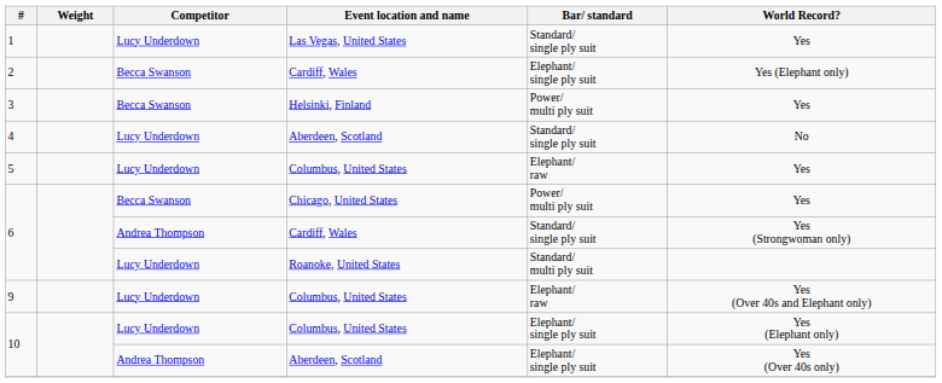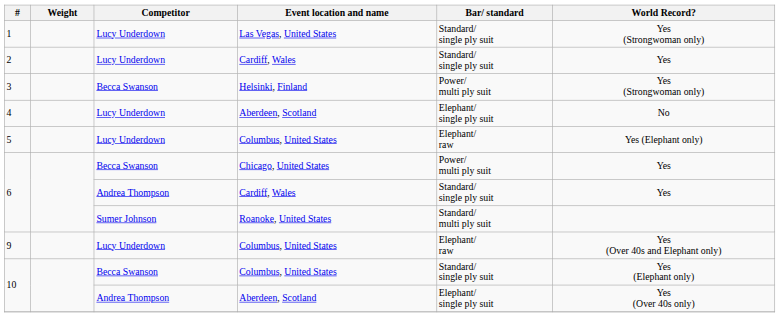 <table class="wikitable sortable" style="display: inline-table;width: 100%;">
 <tr>
 <th>#</th>
 <th>Weight</th>
 <th>Competitor</th>
 <th>Event location and name</th>
 <th>Bar/ standard</th>
 <th>World Record?</th>
 </tr>
 <tr>
 <td>1</td>
 <td></td>
 <td> <a href='#'>Lucy Underdown</a></td>
 <td> <a href='#'>Las Vegas</a>, <a href='#'>United States</a> <br> </td>
 <td>Standard/<br>single ply suit</td>
-<td align=center>Yes</td>
+<td align=center>Yes <br> (Strongwoman only)</td>
 </tr>
 <tr>
 <td>2</td>
 <td></td>
-<td> <a href='#'>Becca Swanson</a></td>
+<td> <a href='#'>Lucy Underdown</a></td>
 <td> <a href='#'>Cardiff</a>, <a href='#'>Wales</a> <br> </td>
-<td>Elephant/<br>single ply suit</td>
-<td align=center>Yes (Elephant only)</td>
+<td>Standard/<br>single ply suit</td>
+<td align=center>Yes</td>
 </tr>
 <tr>
 <td>3</td>
 <td></td>
 <td> <a href='#'>Becca Swanson</a></td>
 <td> <a href='#'>Helsinki</a>, <a href='#'>Finland</a> <br> </td>
 <td>Power/<br>multi ply suit</td>
-<td align=center>Yes</td>
+<td align=center>Yes <br> (Strongwoman only)</td>
 </tr>
 <tr>
 <td>4</td>
 <td></td>
 <td> <a href='#'>Lucy Underdown</a></td>
 <td> <a href='#'>Aberdeen</a>, <a href='#'>Scotland</a> <br> </td>
-<td>Standard/<br>single ply suit</td>
+<td>Elephant/<br>single ply suit</td>
 <td align=center>No</td>
 </tr>
 <tr>
 <td>5</td>
 <td></td>
 <td> <a href='#'>Lucy Underdown</a></td>
 <td> <a href='#'>Columbus</a>, <a href='#'>United States</a> <br> </td>
 <td>Elephant/<br>raw</td>
-<td align=center>Yes</td>
+<td align=center>Yes (Elephant only)</td>
 </tr>
 <tr>
 <td rowspan="3">6</td>
 <td rowspan="3"></td>
 <td> <a href='#'>Becca Swanson</a></td>
 <td> <a href='#'>Chicago</a>, <a href='#'>United States</a> <br> </td>
 <td>Power/<br>multi ply suit</td>
 <td align=center>Yes</td>
 </tr>
 <tr>
 <td> <a href='#'>Andrea Thompson</a></td>
 <td> <a href='#'>Cardiff</a>, <a href='#'>Wales</a> <br> </td>
 <td>Standard/<br>single ply suit</td>
-<td align=center>Yes <br> (Strongwoman only)</td>
+<td align=center>Yes</td>
 </tr>
 <tr>
-<td> <a href='#'>Lucy Underdown</a></td>
+<td> <a href='#'>Sumer Johnson</a></td>
 <td> <a href='#'>Roanoke</a>, <a href='#'>United States</a> <br></td>
 <td>Standard/<br>multi ply suit</td>
 <td></td>
 </tr>
 <tr>
 <td>9</td>
 <td></td>
 <td> <a href='#'>Lucy Underdown</a></td>
 <td> <a href='#'>Columbus</a>, <a href='#'>United States</a> <br> </td>
 <td>Elephant/<br>raw</td>
 <td align="center">Yes <br> (Over 40s and Elephant only)</td>
 </tr>
 <tr>
 <td rowspan="2">10</td>
 <td rowspan="2"></td>
-<td> <a href='#'>Lucy Underdown</a></td>
+<td> <a href='#'>Becca Swanson</a></td>
 <td> <a href='#'>Columbus</a>, <a href='#'>United States</a> <br> </td>
-<td>Elephant/<br>single ply suit</td>
+<td>Standard/<br>single ply suit</td>
 <td align="center">Yes <br> (Elephant only)</td>
 </tr>
 <tr>
 <td> <a href='#'>Andrea Thompson</a></td>
 <td> <a href='#'>Aberdeen</a>, <a href='#'>Scotland</a> <br> </td>
 <td>Elephant/<br>single ply suit</td>
 <td align=center>Yes <br> (Over 40s only)</td>
 </tr>
 <tr>
 </tr>
 </table>
